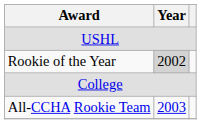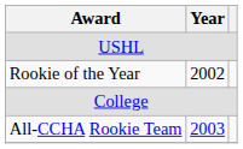 <table class="wikitable">
 <tr>
 <th>Award</th>
 <th>Year</th>
 <th></th>
 </tr>
 <tr ALIGN="center" bgcolor="#e0e0e0">
 <td colspan="3"><a href='#'>USHL</a></td>
 </tr>
 <tr>
 <td>Rookie of the Year</td>
-<td style="background: lightgrey;">2002</td>
+<td>2002</td>
 <td></td>
 </tr>
 <tr ALIGN="center" bgcolor="#e0e0e0">
 <td colspan="3"><a href='#'>College</a></td>
 </tr>
 <tr>
 <td>All-<a href='#'>CCHA</a> <a href='#'>Rookie Team</a></td>
 <td><a href='#'>2003</a></td>
 <td></td>
 </tr>
 <tr>
 </tr>
 </table>
